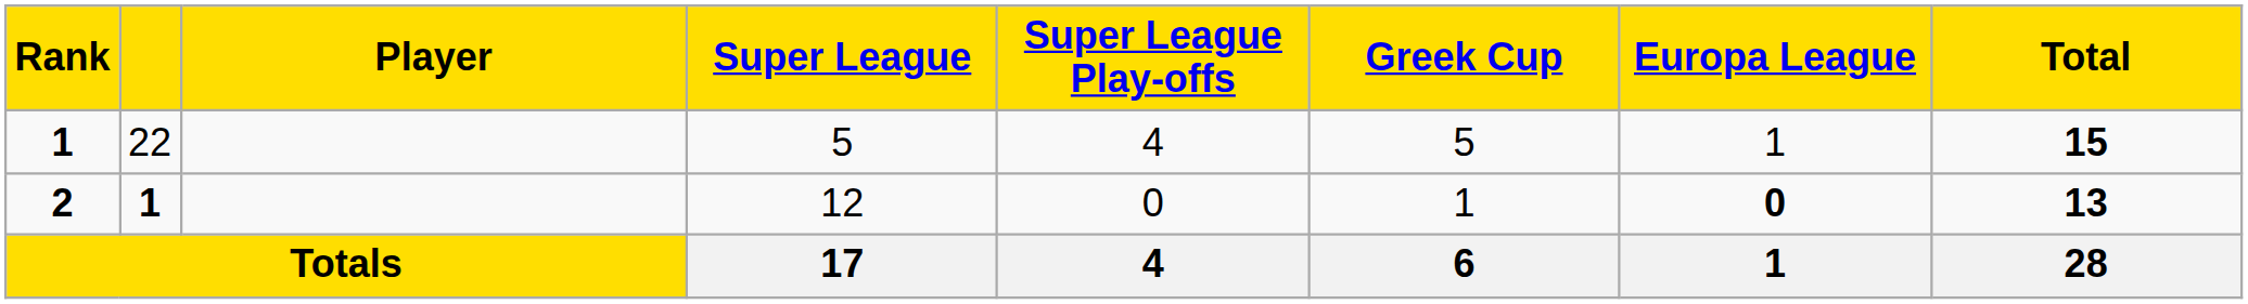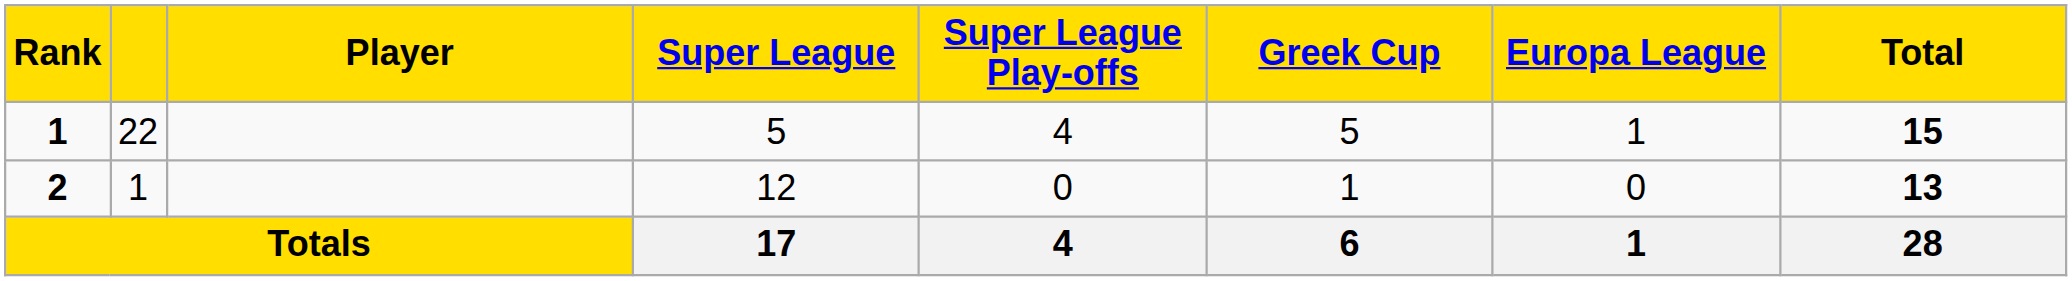 <table class="wikitable sortable" style="text-align:center">
 <tr>
 <th style="background:#FFDE00">Rank</th>
 <th style="background:#FFDE00"></th>
 <th width=200 style="background:#FFDE00">Player</th>
 <th width=120 style="background:#FFDE00"><a href='#'>Super League</a></th>
 <th width=120 style="background:#FFDE00"><a href='#'>Super League Play-offs</a></th>
 <th width=120 style="background:#FFDE00"><a href='#'>Greek Cup</a></th>
 <th width=120 style="background:#FFDE00"><a href='#'>Europa League</a></th>
 <th width=120 style="background:#FFDE00">Total</th>
 </tr>
 <tr>
 <td><strong>1</strong></td>
 <td>22</td>
 <td align=left></td>
 <td>5</td>
 <td>4</td>
 <td>5</td>
 <td>1</td>
 <td><strong>15</strong></td>
 </tr>
 <tr>
 <td><strong>2</strong></td>
-<td><strong>1</strong></td>
+<td>1</td>
 <td align=left></td>
 <td>12</td>
 <td>0</td>
 <td>1</td>
-<td><strong>0</strong></td>
+<td>0</td>
 <td><strong>13</strong></td>
 </tr>
 <tr class="sortbottom">
 <th colspan=3 style="background:#FFDE00"><strong>Totals</strong></th>
 <th><strong>17</strong></th>
 <th><strong> 4</strong></th>
 <th><strong> 6</strong></th>
 <th><strong> 1</strong></th>
 <th><strong>28</strong></th>
 </tr>
 </table>
